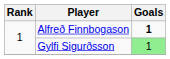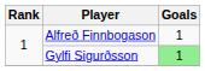 <table class="wikitable" style="text-align: left;">
 <tr>
 <th>Rank</th>
 <th>Player</th>
 <th>Goals</th>
 </tr>
 <tr>
 <td rowspan=2 align=center>1</td>
 <td><a href='#'>Alfreð Finnbogason</a></td>
-<td align=center><strong>1</strong></td>
+<td align=center>1</td>
 </tr>
 <tr>
 <td><a href='#'>Gylfi Sigurðsson</a></td>
 <td align=center style="background: lightgreen;">1</td>
 </tr>
 <tr>
 </tr>
 </table>
